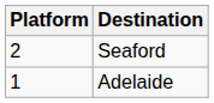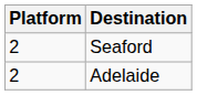 <table class="wikitable">
 <tr>
 <th>Platform</th>
 <th>Destination</th>
 </tr>
 <tr>
 <td style="background:#"><span>2</span></td>
 <td>Seaford</td>
 </tr>
 <tr>
-<td style="background:#"><span>1</span></td>
+<td style="background:#"><span>2</span></td>
 <td>Adelaide</td>
 </tr>
 </table>
